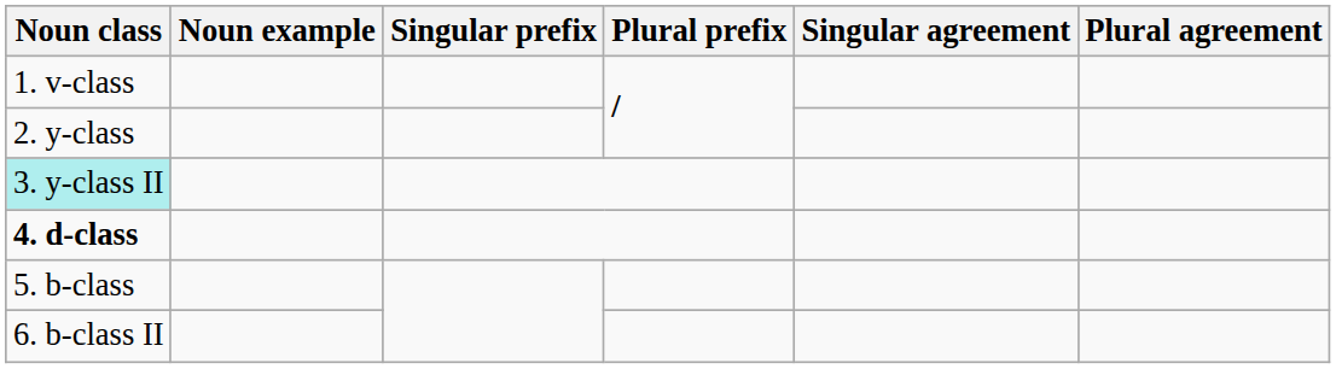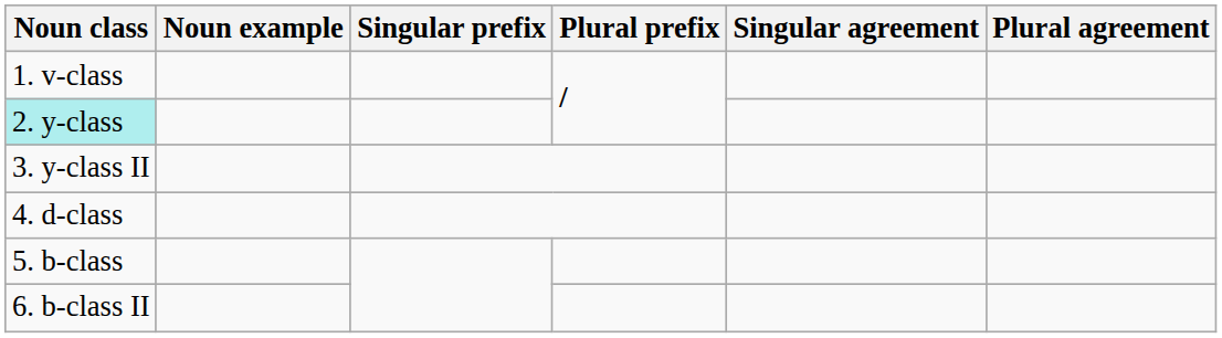 <table class="wikitable">
 <tr>
 <th>Noun class</th>
 <th>Noun example</th>
 <th>Singular prefix</th>
 <th>Plural prefix</th>
 <th>Singular agreement</th>
 <th>Plural agreement</th>
 </tr>
 <tr>
 <td>1. v-class</td>
 <td> </td>
 <td></td>
 <td rowspan="2"><strong>/</strong></td>
 <td> </td>
 <td> </td>
 </tr>
 <tr>
-<td>2. y-class</td>
+<td style="background: paleturquoise;">2. y-class</td>
 <td> </td>
 <td></td>
 <td> </td>
 <td> </td>
 </tr>
 <tr>
-<td style="background: paleturquoise;">3. y-class II</td>
+<td>3. y-class II</td>
 <td> </td>
 <td colspan="2"></td>
 <td> </td>
 <td> </td>
 </tr>
 <tr>
-<td><strong>4. d-class</strong></td>
+<td>4. d-class</td>
 <td> </td>
 <td colspan="2"></td>
 <td> </td>
 <td> </td>
 </tr>
 <tr>
 <td>5. b-class</td>
 <td> </td>
 <td rowspan="2"></td>
 <td><strong></strong></td>
 <td> </td>
 <td> </td>
 </tr>
 <tr>
 <td>6. b-class II</td>
 <td> </td>
 <td></td>
 <td> </td>
 <td> </td>
 </tr>
 </table>
